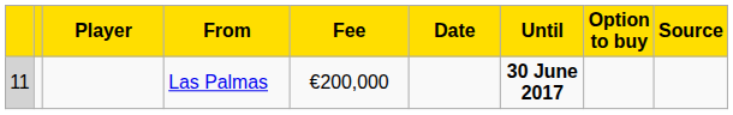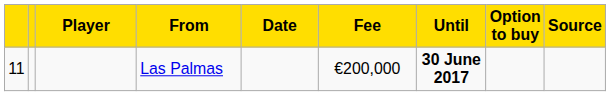 <table class="wikitable sortable">
 <tr>
 <th style="background:#FFDE00"></th>
 <th style="background:#FFDE00"></th>
 <th width=200 style="background:#FFDE00">Player</th>
 <th width=200 style="background:#FFDE00">From</th>
+<th width=150 style="background:#FFDE00">Date</th>
 <th width=150 style="background:#FFDE00">Fee</th>
-<th width=150 style="background:#FFDE00">Date</th>
 <th width=120 style="background:#FFDE00">Until</th>
 <th style="background:#FFDE00">Option to buy</th>
 <th style="background:#FFDE00">Source</th>
 </tr>
 <tr>
-<td align=center style="background: lightgrey;">11</td>
+<td align=center>11</td>
 <td align=center></td>
 <td></td>
 <td> <a href='#'>Las Palmas</a></td>
+<td align=center></td>
 <td align=center>€200,000</td>
-<td align=center></td>
 <td align=center><strong>30 June 2017</strong></td>
 <td align=center></td>
 <td align=center></td>
 </tr>
 </table>
